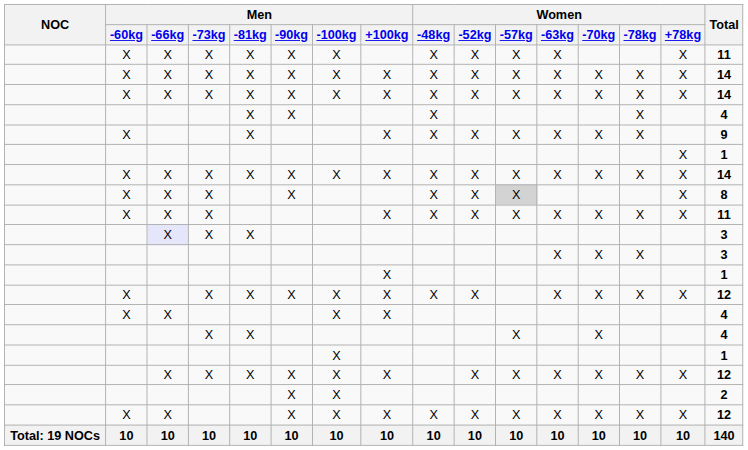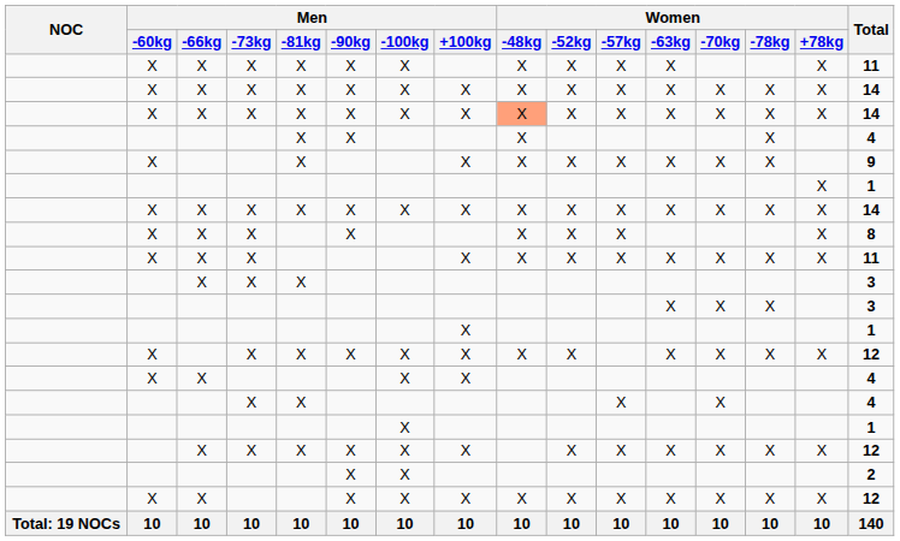 <table class="wikitable" width=840 style="text-align:center; font-size:90%">
 <tr>
 <th rowspan="2" align="left">NOC</th>
 <th colspan="7">Men</th>
 <th colspan="7">Women</th>
 <th rowspan="2">Total</th>
 </tr>
 <tr>
 <th><a href='#'>-60kg</a></th>
 <th><a href='#'>-66kg</a></th>
 <th><a href='#'>-73kg</a></th>
 <th><a href='#'>-81kg</a></th>
 <th><a href='#'>-90kg</a></th>
 <th><a href='#'>-100kg</a></th>
 <th><a href='#'>+100kg</a></th>
 <th><a href='#'>-48kg</a></th>
 <th><a href='#'>-52kg</a></th>
 <th><a href='#'>-57kg</a></th>
 <th><a href='#'>-63kg</a></th>
 <th><a href='#'>-70kg</a></th>
 <th><a href='#'>-78kg</a></th>
 <th><a href='#'>+78kg</a></th>
 </tr>
 <tr>
 <td style="text-align:left;"></td>
 <td>X</td>
 <td>X</td>
 <td>X</td>
 <td>X</td>
 <td>X</td>
 <td>X</td>
 <td></td>
 <td>X</td>
 <td>X</td>
 <td>X</td>
 <td>X</td>
 <td></td>
 <td></td>
 <td>X</td>
 <td><strong>11</strong></td>
 </tr>
 <tr>
 <td style="text-align:left;"></td>
 <td>X</td>
 <td>X</td>
 <td>X</td>
 <td>X</td>
 <td>X</td>
 <td>X</td>
 <td>X</td>
 <td>X</td>
 <td>X</td>
 <td>X</td>
 <td>X</td>
 <td>X</td>
 <td>X</td>
 <td>X</td>
 <td><strong>14</strong></td>
 </tr>
 <tr>
 <td style="text-align:left;"></td>
 <td>X</td>
 <td>X</td>
 <td>X</td>
 <td>X</td>
 <td>X</td>
 <td>X</td>
 <td>X</td>
-<td>X</td>
+<td style="background: lightsalmon;">X</td>
 <td>X</td>
 <td>X</td>
 <td>X</td>
 <td>X</td>
 <td>X</td>
 <td>X</td>
 <td><strong>14</strong></td>
 </tr>
 <tr>
 <td style="text-align:left;"></td>
 <td></td>
 <td></td>
 <td></td>
 <td>X</td>
 <td>X</td>
 <td></td>
 <td></td>
 <td>X</td>
 <td></td>
 <td></td>
 <td></td>
 <td></td>
 <td>X</td>
 <td></td>
 <td><strong>4</strong></td>
 </tr>
 <tr>
 <td style="text-align:left;"></td>
 <td>X</td>
 <td></td>
 <td></td>
 <td>X</td>
 <td></td>
 <td></td>
 <td>X</td>
 <td>X</td>
 <td>X</td>
 <td>X</td>
 <td>X</td>
 <td>X</td>
 <td>X</td>
 <td></td>
 <td><strong>9</strong></td>
 </tr>
 <tr>
 <td style="text-align:left;"></td>
 <td></td>
 <td></td>
 <td></td>
 <td></td>
 <td></td>
 <td></td>
 <td></td>
 <td></td>
 <td></td>
 <td></td>
 <td></td>
 <td></td>
 <td></td>
 <td>X</td>
 <td><strong>1</strong></td>
 </tr>
 <tr>
 <td style="text-align:left;"></td>
 <td>X</td>
 <td>X</td>
 <td>X</td>
 <td>X</td>
 <td>X</td>
 <td>X</td>
 <td>X</td>
 <td>X</td>
 <td>X</td>
 <td>X</td>
 <td>X</td>
 <td>X</td>
 <td>X</td>
 <td>X</td>
 <td><strong>14</strong></td>
 </tr>
 <tr>
 <td style="text-align:left;"></td>
 <td>X</td>
 <td>X</td>
 <td>X</td>
 <td></td>
 <td>X</td>
 <td></td>
 <td></td>
 <td>X</td>
 <td>X</td>
-<td style="background: lightgrey;">X</td>
+<td>X</td>
 <td></td>
 <td></td>
 <td></td>
 <td>X</td>
 <td><strong>8</strong></td>
 </tr>
 <tr>
 <td style="text-align:left;"></td>
 <td>X</td>
 <td>X</td>
 <td>X</td>
 <td></td>
 <td></td>
 <td></td>
 <td>X</td>
 <td>X</td>
 <td>X</td>
 <td>X</td>
 <td>X</td>
 <td>X</td>
 <td>X</td>
 <td>X</td>
 <td><strong>11</strong></td>
 </tr>
 <tr>
 <td style="text-align:left;"></td>
 <td></td>
-<td style="background: lavender;">X</td>
+<td>X</td>
 <td>X</td>
 <td>X</td>
 <td></td>
 <td></td>
 <td></td>
 <td></td>
 <td></td>
 <td></td>
 <td></td>
 <td></td>
 <td></td>
 <td></td>
 <td><strong>3</strong></td>
 </tr>
 <tr>
 <td style="text-align:left;"></td>
 <td></td>
 <td></td>
 <td></td>
 <td></td>
 <td></td>
 <td></td>
 <td></td>
 <td></td>
 <td></td>
 <td></td>
 <td>X</td>
 <td>X</td>
 <td>X</td>
 <td></td>
 <td><strong>3</strong></td>
 </tr>
 <tr>
 <td style="text-align:left;"></td>
 <td></td>
 <td></td>
 <td></td>
 <td></td>
 <td></td>
 <td></td>
 <td>X</td>
 <td></td>
 <td></td>
 <td></td>
 <td></td>
 <td></td>
 <td></td>
 <td></td>
 <td><strong>1</strong></td>
 </tr>
 <tr>
 <td style="text-align:left;"></td>
 <td>X</td>
 <td></td>
 <td>X</td>
 <td>X</td>
 <td>X</td>
 <td>X</td>
 <td>X</td>
 <td>X</td>
 <td>X</td>
 <td></td>
 <td>X</td>
 <td>X</td>
 <td>X</td>
 <td>X</td>
 <td><strong>12</strong></td>
 </tr>
 <tr>
 <td style="text-align:left;"></td>
 <td>X</td>
 <td>X</td>
 <td></td>
 <td></td>
 <td></td>
 <td>X</td>
 <td>X</td>
 <td></td>
 <td></td>
 <td></td>
 <td></td>
 <td></td>
 <td></td>
 <td></td>
 <td><strong>4</strong></td>
 </tr>
 <tr>
 <td style="text-align:left;"></td>
 <td></td>
 <td></td>
 <td>X</td>
 <td>X</td>
 <td></td>
 <td></td>
 <td></td>
 <td></td>
 <td></td>
 <td>X</td>
 <td></td>
 <td>X</td>
 <td></td>
 <td></td>
 <td><strong>4</strong></td>
 </tr>
 <tr>
 <td style="text-align:left;"></td>
 <td></td>
 <td></td>
 <td></td>
 <td></td>
 <td></td>
 <td>X</td>
 <td></td>
 <td></td>
 <td></td>
 <td></td>
 <td></td>
 <td></td>
 <td></td>
 <td></td>
 <td><strong>1</strong></td>
 </tr>
 <tr>
 <td style="text-align:left;"></td>
 <td></td>
 <td>X</td>
 <td>X</td>
 <td>X</td>
 <td>X</td>
 <td>X</td>
 <td>X</td>
 <td></td>
 <td>X</td>
 <td>X</td>
 <td>X</td>
 <td>X</td>
 <td>X</td>
 <td>X</td>
 <td><strong>12</strong></td>
 </tr>
 <tr>
 <td style="text-align:left;"></td>
 <td></td>
 <td></td>
 <td></td>
 <td></td>
 <td>X</td>
 <td>X</td>
 <td></td>
 <td></td>
 <td></td>
 <td></td>
 <td></td>
 <td></td>
 <td></td>
 <td></td>
 <td><strong>2</strong></td>
 </tr>
 <tr>
 <td style="text-align:left;"></td>
 <td>X</td>
 <td>X</td>
 <td></td>
 <td></td>
 <td>X</td>
 <td>X</td>
 <td>X</td>
 <td>X</td>
 <td>X</td>
 <td>X</td>
 <td>X</td>
 <td>X</td>
 <td>X</td>
 <td>X</td>
 <td><strong>12</strong></td>
 </tr>
 <tr>
 <th>Total: 19 NOCs</th>
 <th>10</th>
 <th>10</th>
 <th>10</th>
 <th>10</th>
 <th>10</th>
 <th>10</th>
 <th>10</th>
 <th>10</th>
 <th>10</th>
 <th>10</th>
 <th>10</th>
 <th>10</th>
 <th>10</th>
 <th>10</th>
 <th>140</th>
 </tr>
 </table>
